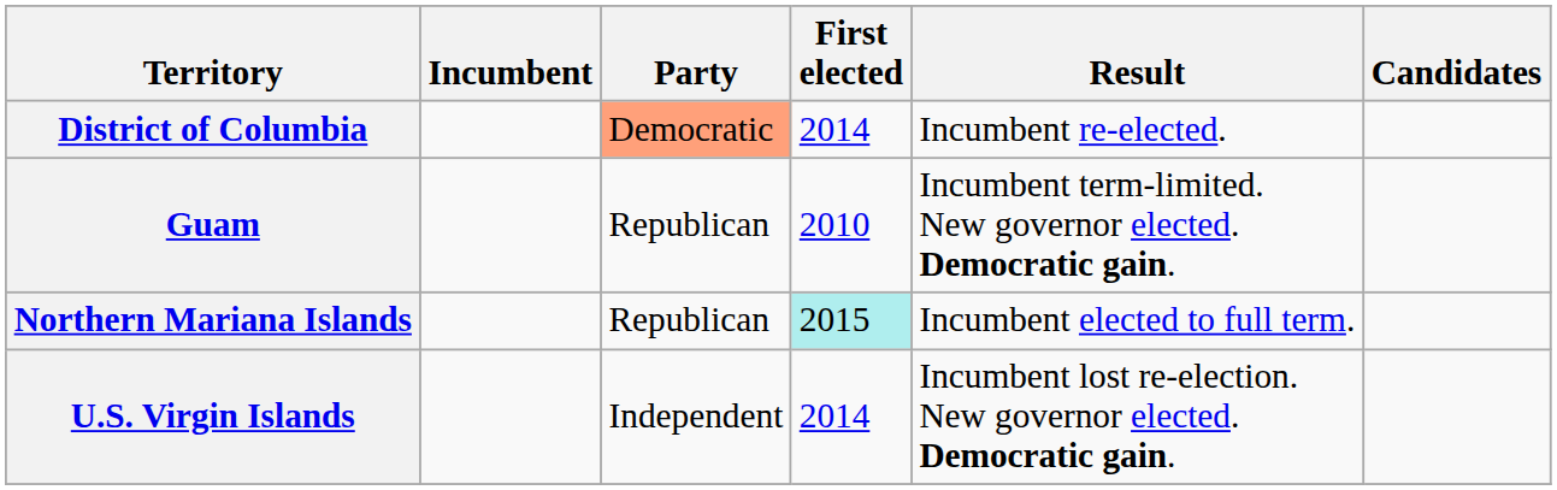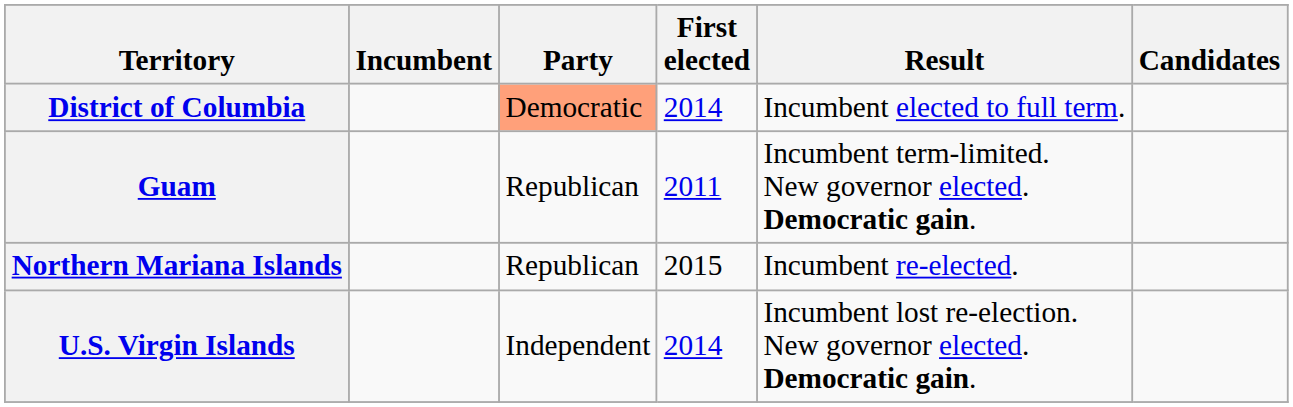 <table class="wikitable sortable">
 <tr valign=bottom>
 <th>Territory</th>
 <th>Incumbent</th>
 <th>Party</th>
 <th>First<br>elected</th>
 <th>Result</th>
 <th>Candidates</th>
 </tr>
 <tr>
 <th><a href='#'>District of Columbia</a></th>
 <td></td>
 <td style="background: lightsalmon;">Democratic</td>
 <td><a href='#'>2014</a></td>
-<td>Incumbent <a href='#'>re-elected</a>.</td>
+<td>Incumbent <a href='#'>elected to full term</a>.</td>
 <td nowrap></td>
 </tr>
 <tr>
 <th><a href='#'>Guam</a></th>
 <td></td>
 <td>Republican</td>
-<td><a href='#'>2010</a></td>
+<td><a href='#'>2011</a></td>
 <td style="color:black;background-color:">Incumbent term-limited.<br>New governor <a href='#'>elected</a>.<br><strong>Democratic gain</strong>.</td>
 <td nowrap></td>
 </tr>
 <tr>
 <th><a href='#'>Northern Mariana Islands</a></th>
 <td></td>
 <td>Republican</td>
-<td style="background: paleturquoise;">2015</td>
-<td>Incumbent <a href='#'>elected to full term</a>.</td>
+<td>2015</td>
+<td>Incumbent <a href='#'>re-elected</a>.</td>
 <td nowrap></td>
 </tr>
 <tr>
 <th><a href='#'>U.S. Virgin Islands</a></th>
 <td></td>
 <td>Independent</td>
 <td><a href='#'>2014</a></td>
 <td style="color:black;background-color:">Incumbent lost re-election.<br>New governor <a href='#'>elected</a>.<br><strong>Democratic gain</strong>.</td>
 <td nowrap></td>
 </tr>
 </table>
